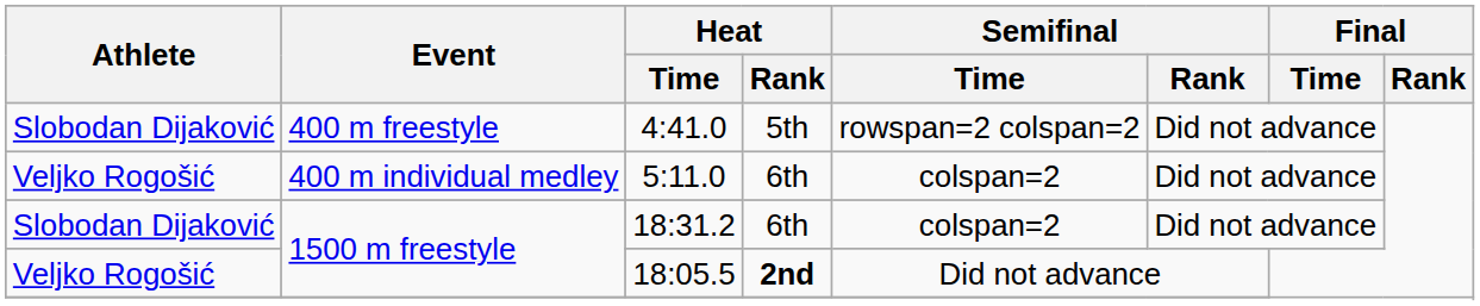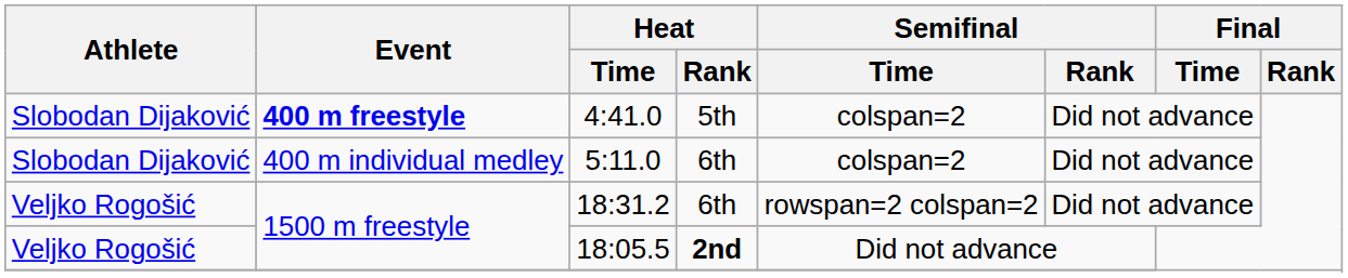 <table class=wikitable style=font-size:95%;text-align:center>
 <tr>
 <th rowspan=2>Athlete</th>
 <th rowspan=2>Event</th>
 <th colspan=2>Heat</th>
 <th colspan=2>Semifinal</th>
 <th colspan=2>Final</th>
 </tr>
 <tr style=font-size:100%>
 <th>Time</th>
 <th>Rank</th>
 <th>Time</th>
 <th>Rank</th>
 <th>Time</th>
 <th>Rank</th>
 </tr>
 <tr>
 <td align=left><a href='#'>Slobodan Dijaković</a></td>
-<td align=left rowspan=1><a href='#'>400 m freestyle</a></td>
+<td align=left rowspan=1><strong><a href='#'>400 m freestyle</a></strong></td>
 <td>4:41.0</td>
 <td>5th</td>
-<td>rowspan=2 colspan=2 </td>
+<td>colspan=2 </td>
 <td colspan=2>Did not advance</td>
 </tr>
 <tr>
-<td align=left><a href='#'>Veljko Rogošić</a></td>
+<td align=left><a href='#'>Slobodan Dijaković</a></td>
 <td align=left rowspan=1><a href='#'>400 m individual medley</a></td>
 <td>5:11.0</td>
 <td>6th</td>
 <td>colspan=2 </td>
 <td colspan=2>Did not advance</td>
 </tr>
 <tr>
-<td align=left><a href='#'>Slobodan Dijaković</a></td>
+<td align=left><a href='#'>Veljko Rogošić</a></td>
 <td align=left rowspan=2><a href='#'>1500 m freestyle</a></td>
 <td>18:31.2</td>
 <td>6th</td>
-<td>colspan=2 </td>
+<td>rowspan=2 colspan=2 </td>
 <td colspan=2>Did not advance</td>
 </tr>
 <tr>
 <td align=left><a href='#'>Veljko Rogošić</a></td>
 <td>18:05.5</td>
 <td><strong>2nd</strong></td>
 <td colspan=2>Did not advance</td>
 </tr>
 <tr>
 </tr>
 </table>
